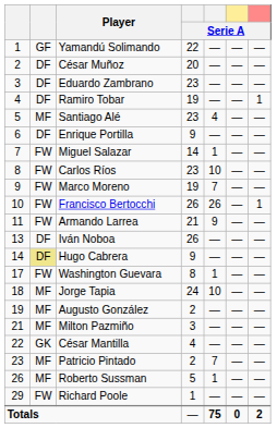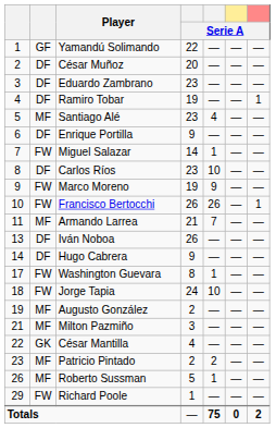 <table class="wikitable sortable" style="text-align: center;">
 <tr>
 <th rowspan="2" width=30 align="center"><br></th>
 <th rowspan="2" width=30 align="center"><br></th>
 <th rowspan="2" width=175 align="center">Player<br></th>
 <th width=25 style="background:"><br></th>
 <th width=25 style="background:"><br></th>
 <th width=25 style="background: #FFEE99"><br></th>
 <th width=25 style="border-right:2px solid grey; background:#FF8888"><br></th>
 </tr>
 <tr class="sortbottom">
 <th colspan="4" style="border-right:2px solid grey;" align="center"><a href='#'>Serie A</a></th>
 </tr>
 <tr>
 <td>1</td>
 <td>GF</td>
 <td align=left>Yamandú Solimando</td>
 <td>22</td>
 <td>—</td>
 <td>—</td>
 <td>—</td>
 </tr>
 <tr>
 <td>2</td>
 <td>DF</td>
 <td align=left>César Muñoz</td>
 <td>20</td>
 <td>—</td>
 <td>—</td>
 <td>—</td>
 </tr>
 <tr>
 <td>3</td>
 <td>DF</td>
 <td align=left>Eduardo Zambrano</td>
 <td>23</td>
 <td>—</td>
 <td>—</td>
 <td>—</td>
 </tr>
 <tr>
 <td>4</td>
 <td>DF</td>
 <td align=left>Ramiro Tobar</td>
 <td>19</td>
 <td>—</td>
 <td>—</td>
 <td>1</td>
 </tr>
 <tr>
 <td>5</td>
 <td>MF</td>
 <td align=left>Santiago Alé</td>
 <td>23</td>
 <td>4</td>
 <td>—</td>
 <td>—</td>
 </tr>
 <tr>
 <td>6</td>
 <td>DF</td>
 <td align=left>Enrique Portilla</td>
 <td>9</td>
 <td>—</td>
 <td>—</td>
 <td>—</td>
 </tr>
 <tr>
 <td>7</td>
 <td>FW</td>
 <td align=left>Miguel Salazar</td>
 <td>14</td>
 <td>1</td>
 <td>—</td>
 <td>—</td>
 </tr>
 <tr>
 <td>8</td>
-<td>FW</td>
+<td>DF</td>
 <td align=left>Carlos Ríos</td>
 <td>23</td>
 <td>10</td>
 <td>—</td>
 <td>—</td>
 </tr>
 <tr>
 <td>9</td>
 <td>FW</td>
 <td align=left>Marco Moreno</td>
 <td>19</td>
-<td>7</td>
+<td>9</td>
 <td>—</td>
 <td>—</td>
 </tr>
 <tr>
 <td>10</td>
 <td>FW</td>
 <td align=left><a href='#'>Francisco Bertocchi</a></td>
 <td>26</td>
 <td>26</td>
 <td>—</td>
 <td>1</td>
 </tr>
 <tr>
 <td>11</td>
-<td>FW</td>
+<td>MF</td>
 <td align=left>Armando Larrea</td>
 <td>21</td>
-<td>9</td>
+<td>7</td>
 <td>—</td>
 <td>—</td>
 </tr>
 <tr>
 <td>13</td>
 <td>DF</td>
 <td align=left>Iván Noboa</td>
 <td>26</td>
 <td>—</td>
 <td>—</td>
 <td>—</td>
 </tr>
 <tr>
 <td>14</td>
-<td style="background: khaki;">DF</td>
+<td>DF</td>
 <td align=left>Hugo Cabrera</td>
 <td>9</td>
 <td>—</td>
 <td>—</td>
 <td>—</td>
 </tr>
 <tr>
 <td>17</td>
 <td>FW</td>
 <td align=left>Washington Guevara</td>
 <td>8</td>
 <td>1</td>
 <td>—</td>
 <td>—</td>
 </tr>
 <tr>
 <td>18</td>
-<td>MF</td>
+<td>FW</td>
 <td align=left>Jorge Tapia</td>
 <td>24</td>
 <td>10</td>
 <td>—</td>
 <td>—</td>
 </tr>
 <tr>
 <td>19</td>
 <td>MF</td>
 <td align=left>Augusto González</td>
 <td>2</td>
 <td>—</td>
 <td>—</td>
 <td>—</td>
 </tr>
 <tr>
 <td>21</td>
 <td>MF</td>
 <td align=left>Milton Pazmiño</td>
 <td>3</td>
 <td>—</td>
 <td>—</td>
 <td>—</td>
 </tr>
 <tr>
 <td>22</td>
 <td>GK</td>
 <td align=left>César Mantilla</td>
 <td>4</td>
 <td>—</td>
 <td>—</td>
 <td>—</td>
 </tr>
 <tr>
 <td>23</td>
 <td>MF</td>
 <td align=left>Patricio Pintado</td>
 <td>2</td>
-<td>7</td>
+<td>2</td>
 <td>—</td>
 <td>—</td>
 </tr>
 <tr>
 <td>26</td>
 <td>MF</td>
 <td align=left>Roberto Sussman</td>
 <td>5</td>
 <td>1</td>
 <td>—</td>
 <td>—</td>
 </tr>
 <tr>
 <td>29</td>
 <td>FW</td>
 <td align=left>Richard Poole</td>
 <td>1</td>
 <td>—</td>
 <td>—</td>
 <td>—</td>
 </tr>
 <tr class="sortbottom" style="border-top:2px solid grey">
 <td colspan=3 align=left><strong>Totals</strong></td>
 <td>—</td>
 <td><strong>75</strong></td>
 <td><strong>0</strong></td>
 <td><strong>2</strong></td>
 </tr>
 </table>
